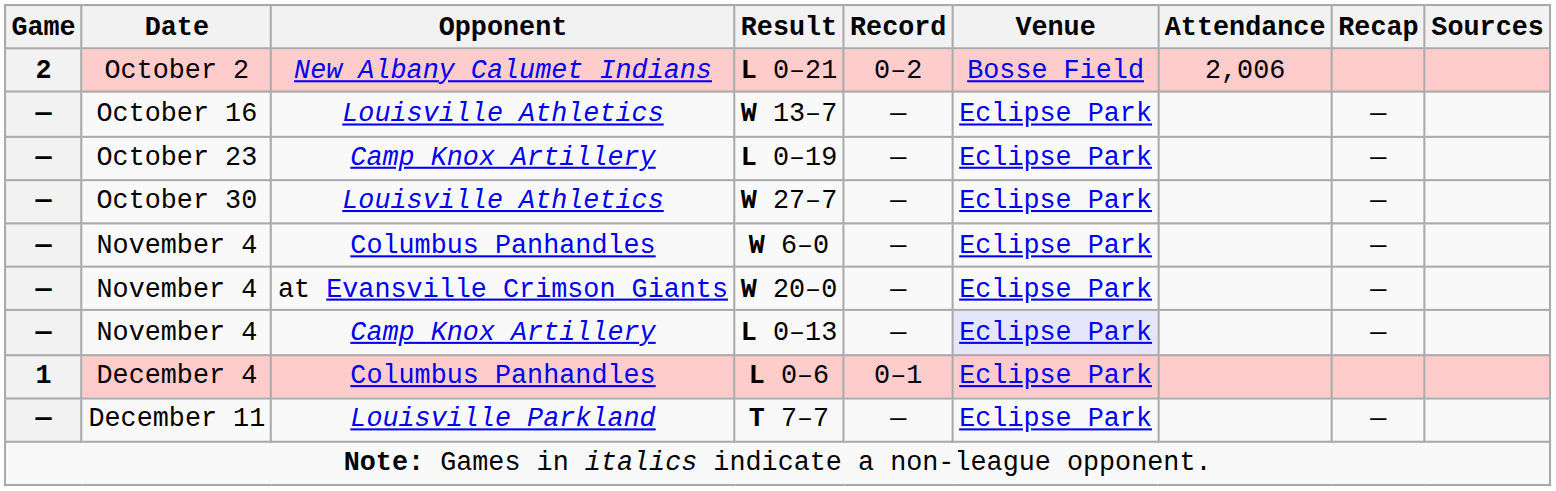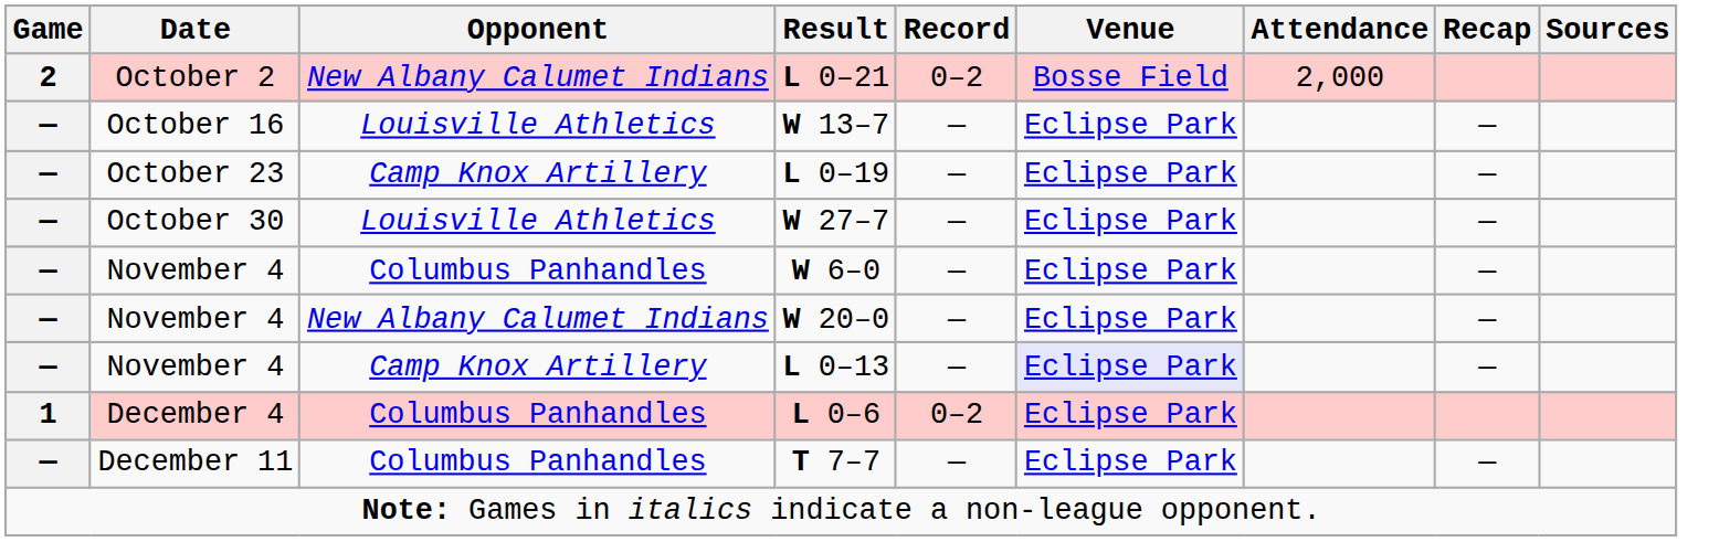 <table class="wikitable" style="text-align:center">
 <tr>
 <th>Game</th>
 <th>Date</th>
 <th>Opponent</th>
 <th>Result</th>
 <th>Record</th>
 <th>Venue</th>
 <th>Attendance</th>
 <th>Recap</th>
 <th>Sources</th>
 </tr>
 <tr style="background:#fcc">
 <th>2</th>
 <td>October 2</td>
 <td><em><a href='#'>New Albany Calumet Indians</a></em></td>
 <td><strong>L</strong> 0–21</td>
 <td>0–2</td>
 <td><a href='#'>Bosse Field</a></td>
-<td>2,006 </td>
+<td>2,000 </td>
 <td></td>
 <td></td>
 </tr>
 <tr>
 <th>—</th>
 <td>October 16</td>
 <td><em><a href='#'>Louisville Athletics</a></em></td>
 <td><strong>W</strong> 13–7</td>
 <td>—</td>
 <td><a href='#'>Eclipse Park</a></td>
 <td></td>
 <td>—</td>
 <td></td>
 </tr>
 <tr>
 <th>—</th>
 <td>October 23</td>
 <td><em><a href='#'>Camp Knox Artillery</a></em></td>
 <td><strong>L</strong> 0–19</td>
 <td>—</td>
 <td><a href='#'>Eclipse Park</a></td>
 <td></td>
 <td>—</td>
 <td></td>
 </tr>
 <tr>
 <th>—</th>
 <td>October 30</td>
 <td><em><a href='#'>Louisville Athletics</a></em></td>
 <td><strong>W</strong> 27–7</td>
 <td>—</td>
 <td><a href='#'>Eclipse Park</a></td>
 <td></td>
 <td>—</td>
 <td></td>
 </tr>
 <tr>
 <th>—</th>
 <td>November 4</td>
 <td><a href='#'>Columbus Panhandles</a></td>
 <td><strong>W</strong> 6–0</td>
 <td>—</td>
 <td><a href='#'>Eclipse Park</a></td>
 <td></td>
 <td>—</td>
 <td></td>
 </tr>
 <tr>
 <th>—</th>
 <td>November 4</td>
-<td>at <a href='#'>Evansville Crimson Giants</a></td>
+<td><em><a href='#'>New Albany Calumet Indians</a></em></td>
 <td><strong>W</strong> 20–0</td>
 <td>—</td>
 <td><a href='#'>Eclipse Park</a></td>
 <td></td>
 <td>—</td>
 <td></td>
 </tr>
 <tr>
 <th>—</th>
 <td>November 4</td>
 <td><em><a href='#'>Camp Knox Artillery</a></em></td>
 <td><strong>L</strong> 0–13</td>
 <td>—</td>
 <td style="background: lavender;"><a href='#'>Eclipse Park</a></td>
 <td></td>
 <td>—</td>
 <td></td>
 </tr>
 <tr style="background:#fcc">
 <th>1</th>
 <td>December 4</td>
 <td><a href='#'>Columbus Panhandles</a></td>
 <td><strong>L</strong> 0–6</td>
-<td>0–1</td>
+<td>0–2</td>
 <td><a href='#'>Eclipse Park</a></td>
 <td></td>
 <td></td>
 <td></td>
 </tr>
 <tr>
 <th>—</th>
 <td>December 11</td>
-<td><em><a href='#'>Louisville Parkland</a></em></td>
+<td><a href='#'>Columbus Panhandles</a></td>
 <td><strong>T</strong> 7–7</td>
 <td>—</td>
 <td><a href='#'>Eclipse Park</a></td>
 <td></td>
 <td>—</td>
 <td></td>
 </tr>
 <tr>
 <td colspan="10"><strong>Note:</strong> Games in <em>italics</em> indicate a non-league opponent.</td>
 </tr>
 </table>
